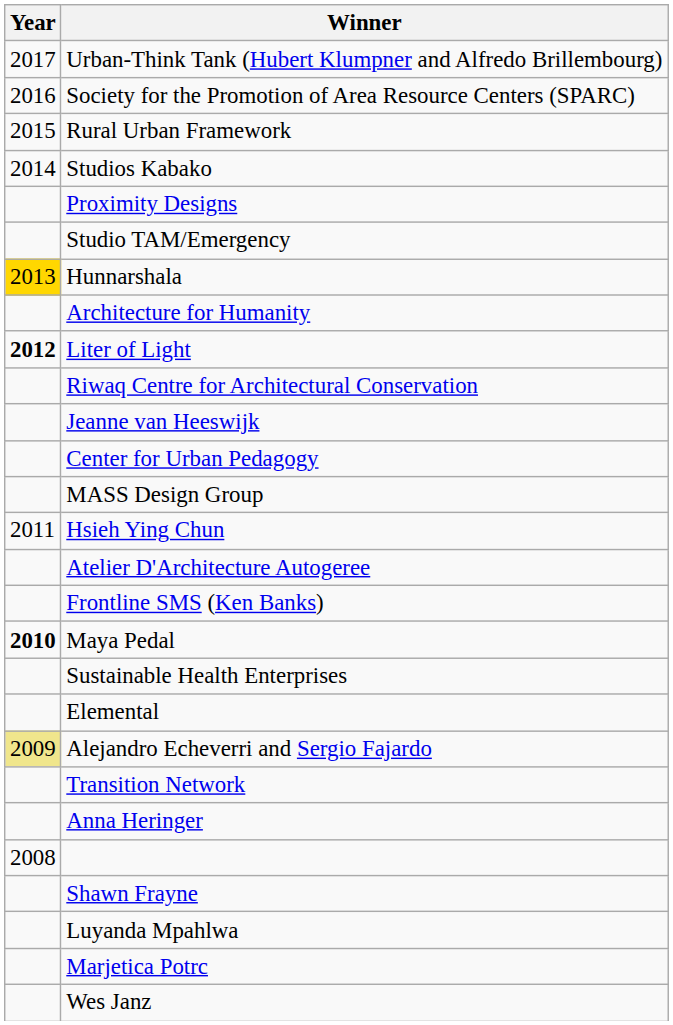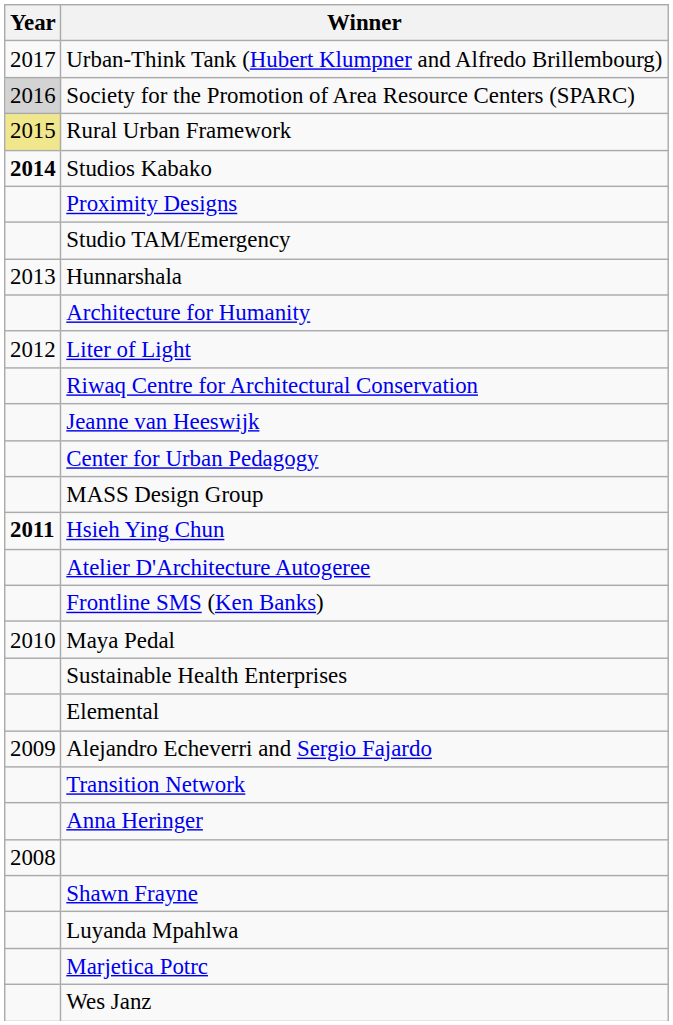 <table class="wikitable">
 <tr>
 <th>Year</th>
 <th>Winner</th>
 </tr>
 <tr>
 <td>2017</td>
 <td>Urban-Think Tank (<a href='#'>Hubert Klumpner</a> and Alfredo Brillembourg)</td>
 </tr>
 <tr>
-<td>2016</td>
+<td style="background: lightgrey;">2016</td>
 <td>Society for the Promotion of Area Resource Centers (SPARC)</td>
 </tr>
 <tr>
-<td>2015</td>
+<td style="background: khaki;">2015</td>
 <td>Rural Urban Framework</td>
 </tr>
 <tr>
-<td>2014</td>
+<td><strong>2014</strong></td>
 <td>Studios Kabako</td>
 </tr>
 <tr>
 <td></td>
 <td><a href='#'>Proximity Designs</a></td>
 </tr>
 <tr>
 <td></td>
 <td>Studio TAM/Emergency</td>
 </tr>
 <tr>
-<td style="background: gold;">2013</td>
+<td>2013</td>
 <td>Hunnarshala</td>
 </tr>
 <tr>
 <td></td>
 <td><a href='#'>Architecture for Humanity</a></td>
 </tr>
 <tr>
-<td><strong>2012</strong></td>
+<td>2012</td>
 <td><a href='#'>Liter of Light</a></td>
 </tr>
 <tr>
 <td></td>
 <td><a href='#'>Riwaq Centre for Architectural Conservation</a></td>
 </tr>
 <tr>
 <td></td>
 <td><a href='#'>Jeanne van Heeswijk</a></td>
 </tr>
 <tr>
 <td></td>
 <td><a href='#'>Center for Urban Pedagogy</a></td>
 </tr>
 <tr>
 <td></td>
 <td>MASS Design Group</td>
 </tr>
 <tr>
-<td>2011</td>
+<td><strong>2011</strong></td>
 <td><a href='#'>Hsieh Ying Chun</a></td>
 </tr>
 <tr>
 <td></td>
 <td><a href='#'>Atelier D'Architecture Autogeree</a></td>
 </tr>
 <tr>
 <td></td>
 <td><a href='#'>Frontline SMS</a> (<a href='#'>Ken Banks</a>)</td>
 </tr>
 <tr>
-<td><strong>2010</strong></td>
+<td>2010</td>
 <td>Maya Pedal</td>
 </tr>
 <tr>
 <td></td>
 <td>Sustainable Health Enterprises</td>
 </tr>
 <tr>
 <td></td>
 <td>Elemental</td>
 </tr>
 <tr>
-<td style="background: khaki;">2009</td>
+<td>2009</td>
 <td>Alejandro Echeverri and <a href='#'>Sergio Fajardo</a></td>
 </tr>
 <tr>
 <td></td>
 <td><a href='#'>Transition Network</a></td>
 </tr>
 <tr>
 <td></td>
 <td><a href='#'>Anna Heringer</a></td>
 </tr>
 <tr>
 <td>2008</td>
 <td></td>
 </tr>
 <tr>
 <td></td>
 <td><a href='#'>Shawn Frayne</a></td>
 </tr>
 <tr>
 <td></td>
 <td>Luyanda Mpahlwa</td>
 </tr>
 <tr>
 <td></td>
 <td><a href='#'>Marjetica Potrc</a></td>
 </tr>
 <tr>
 <td></td>
 <td>Wes Janz</td>
 </tr>
 </table>
